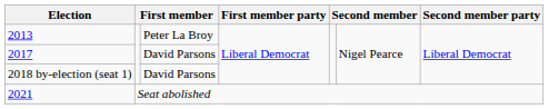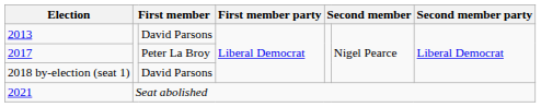 <table class="wikitable">
 <tr>
 <th>Election</th>
 <th colspan="2">First member</th>
 <th>First member party</th>
 <th colspan="2">Second member</th>
 <th>Second member party</th>
 </tr>
 <tr>
 <td><a href='#'>2013</a></td>
 <td rowspan="3" style="background-color: "></td>
-<td>Peter La Broy</td>
+<td rowspan="1">David Parsons</td>
 <td rowspan="3"><a href='#'>Liberal Democrat</a></td>
 <td rowspan="3" style="background-color: "></td>
 <td rowspan="3">Nigel Pearce</td>
 <td rowspan="3"><a href='#'>Liberal Democrat</a></td>
 </tr>
 <tr>
 <td><a href='#'>2017</a></td>
-<td rowspan="1">David Parsons</td>
+<td>Peter La Broy</td>
 </tr>
 <tr>
 <td>2018 by-election (seat 1)</td>
 <td>David Parsons</td>
 </tr>
 <tr>
 <td><a href='#'>2021</a></td>
 <td colspan="6"><em>Seat abolished</em></td>
 </tr>
 </table>
